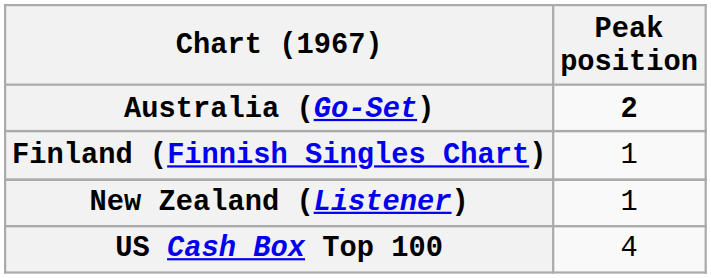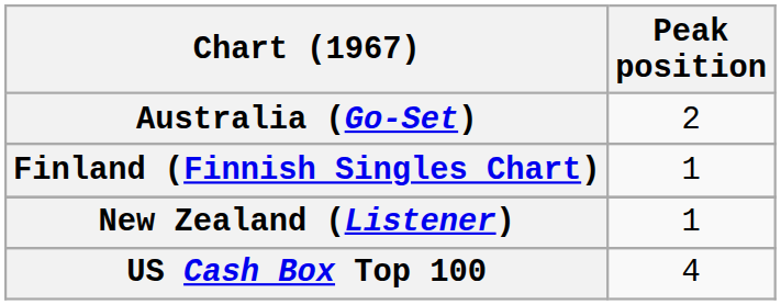 <table class="wikitable sortable plainrowheaders" style="text-align:center">
 <tr>
 <th>Chart (1967)</th>
 <th>Peak<br>position</th>
 </tr>
 <tr>
 <th scope="row">Australia (<em><a href='#'>Go-Set</a></em>)</th>
-<td style="text-align:center;"><strong>2</strong></td>
+<td style="text-align:center;">2</td>
 </tr>
 <tr>
 </tr>
 <tr>
 </tr>
 <tr>
 </tr>
 <tr>
 </tr>
 <tr>
 </tr>
 <tr>
 </tr>
 <tr>
 <th scope="row">Finland (<a href='#'>Finnish Singles Chart</a>)</th>
 <td style="text-align:center;">1</td>
 </tr>
 <tr>
 </tr>
 <tr>
 </tr>
 <tr>
 <th scope="row">New Zealand (<em><a href='#'>Listener</a></em>)</th>
 <td style="text-align:center;">1</td>
 </tr>
 <tr>
 </tr>
 <tr>
 </tr>
 <tr>
 </tr>
 <tr>
 </tr>
 <tr>
 <th scope="row">US <a href='#'><em>Cash Box</em></a> Top 100</th>
 <td align="center">4</td>
 </tr>
 </table>
